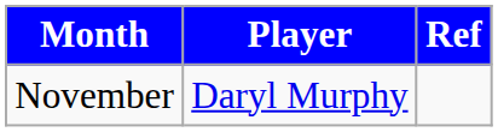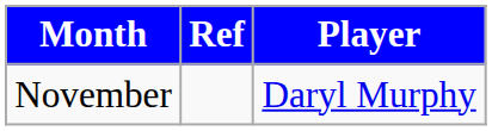 <table class="wikitable" style="text-align:center">
 <tr>
 <th style="background:blue; color:white; width=0%">Month</th>
+<th style="background:blue; color:white; width=0%">Ref</th>
 <th style="background:blue; color:white; width=0%">Player</th>
-<th style="background:blue; color:white; width=0%">Ref</th>
 </tr>
 <tr>
 <td>November</td>
+<td></td>
 <td> <a href='#'>Daryl Murphy</a></td>
-<td></td>
 </tr>
 </table>
